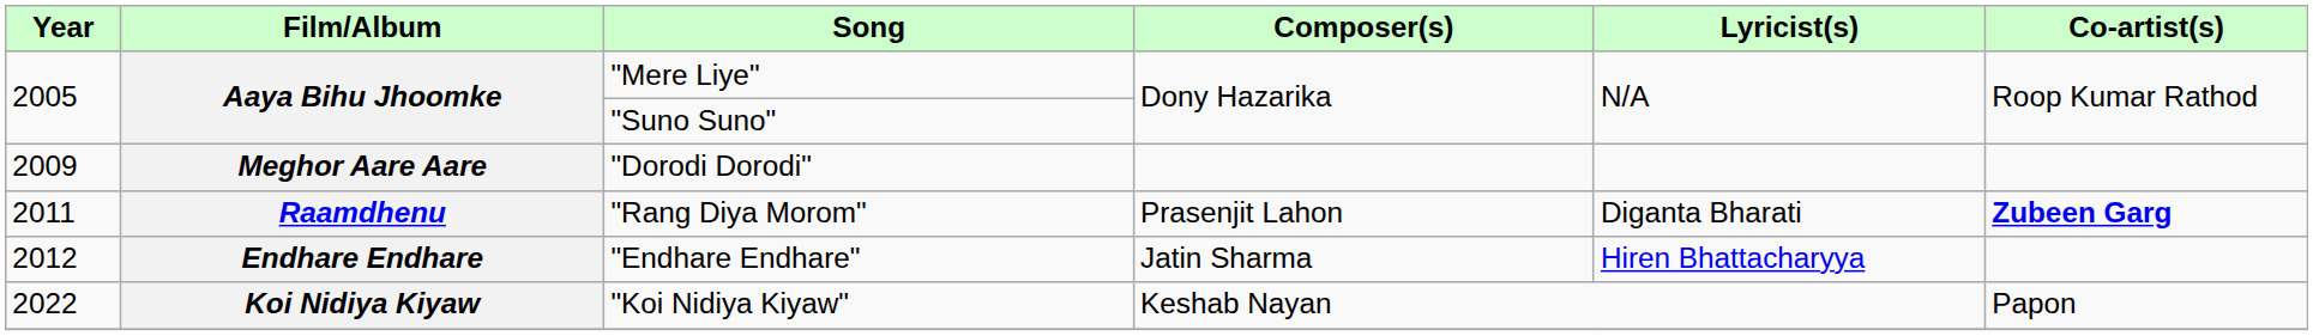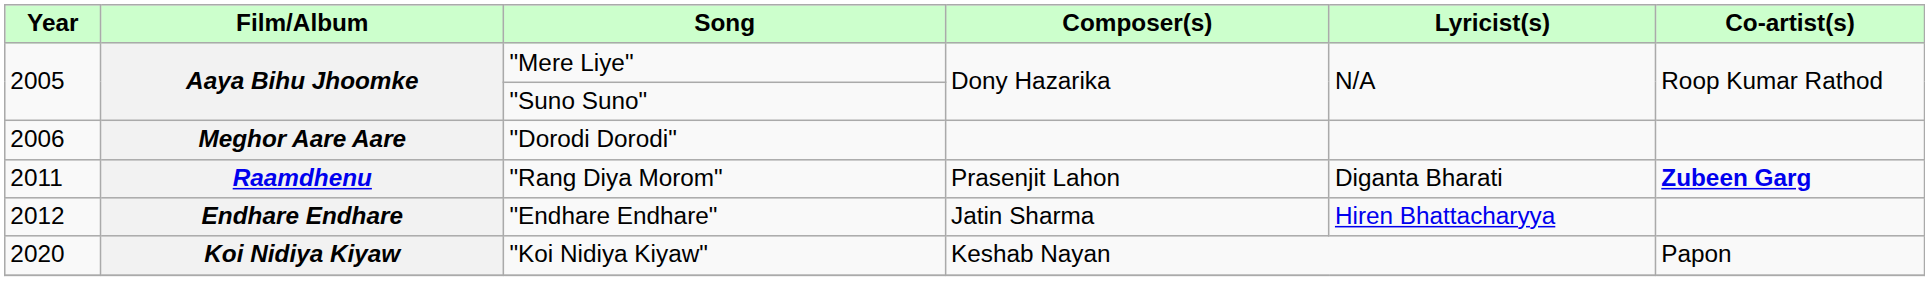 <table class="wikitable plainrowheaders" style="width:100%; textcolor:#000">
 <tr style="background:#cfc; text-align:center;">
 <td scope="col" style="width:5%;"><strong>Year</strong></td>
 <td scope="col" style="width:21%;"><strong>Film/Album</strong></td>
 <td scope="col" style="width:23%;"><strong>Song</strong></td>
 <td scope="col" style="width:20%;"><strong>Composer(s)</strong></td>
 <td scope="col" style="width:17%;"><strong>Lyricist(s)</strong></td>
 <td scope="col" style="width:18%;"><strong>Co-artist(s)</strong></td>
 </tr>
 <tr>
 <td rowspan=2>2005</td>
 <th scope="row" rowspan="2"><em>Aaya Bihu Jhoomke</em></th>
 <td>"Mere Liye"</td>
 <td rowspan=2>Dony Hazarika</td>
 <td Rowspan=2>N/A</td>
 <td rowspan=2>Roop Kumar Rathod</td>
 </tr>
 <tr>
 <td>"Suno Suno"</td>
 </tr>
 <tr>
-<td>2009</td>
+<td>2006</td>
 <th scope="row"><em>Meghor Aare Aare</em></th>
 <td>"Dorodi Dorodi"</td>
 <td></td>
 <td></td>
 <td></td>
 </tr>
 <tr>
 <td>2011</td>
 <th scope="row"><em><a href='#'>Raamdhenu</a></em></th>
 <td>"Rang Diya Morom"</td>
 <td>Prasenjit Lahon</td>
 <td>Diganta Bharati</td>
 <td><strong><a href='#'>Zubeen Garg</a></strong></td>
 </tr>
 <tr>
 <td>2012</td>
 <th scope="row"><em>Endhare Endhare</em></th>
 <td>"Endhare Endhare"</td>
 <td>Jatin Sharma</td>
 <td><a href='#'>Hiren Bhattacharyya</a></td>
 <td></td>
 </tr>
 <tr>
-<td>2022</td>
+<td>2020</td>
 <th scope="row"><em>Koi Nidiya Kiyaw</em></th>
 <td>"Koi Nidiya Kiyaw"</td>
 <td colspan="2">Keshab Nayan</td>
 <td>Papon</td>
 </tr>
 <tr>
 </tr>
 </table>
